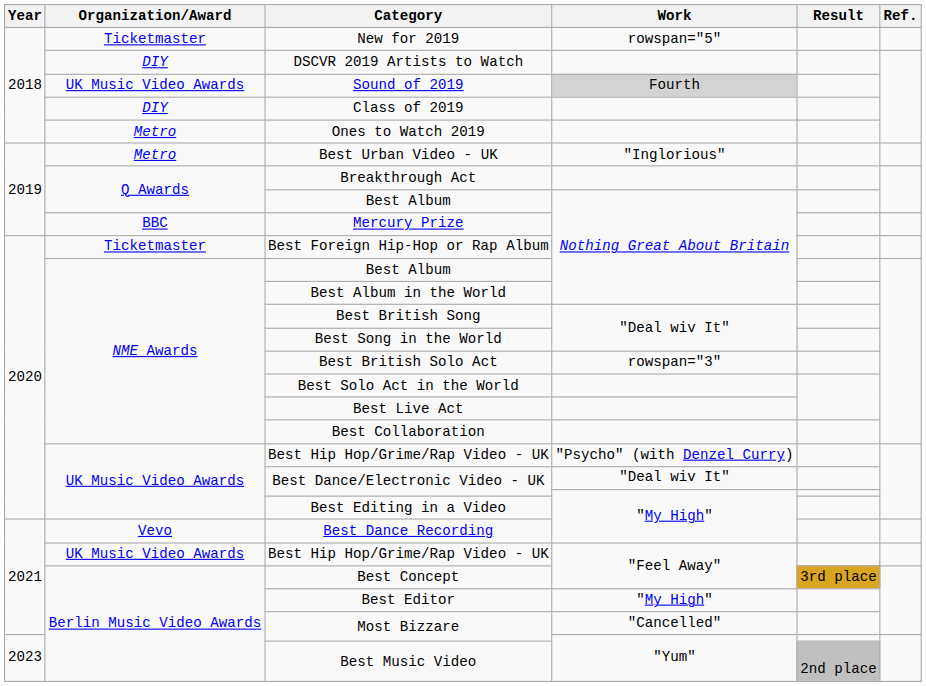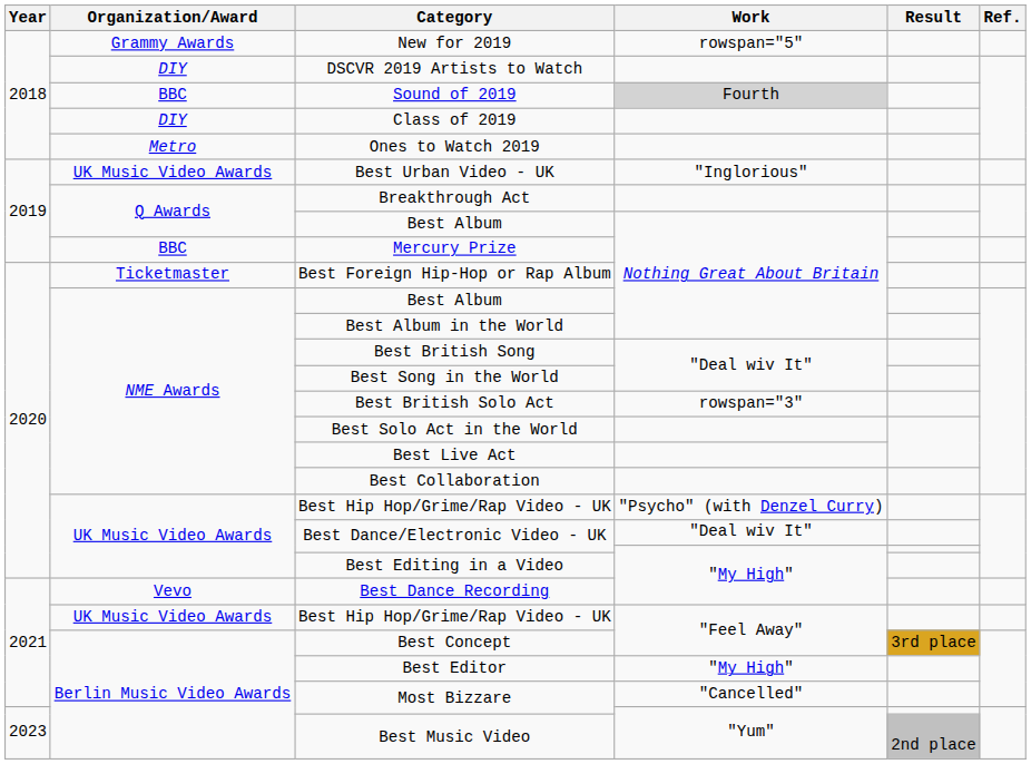 <table class="wikitable plainrowheaders" style="text-align:center;">
 <tr>
 <th>Year</th>
 <th>Organization/Award</th>
 <th>Category</th>
 <th>Work</th>
 <th>Result</th>
 <th>Ref.</th>
 </tr>
 <tr>
 <td rowspan="5">2018</td>
-<td><a href='#'>Ticketmaster</a></td>
+<td><a href='#'>Grammy Awards</a></td>
 <td>New for 2019</td>
 <td>rowspan="5" </td>
 <td></td>
 <td></td>
 </tr>
 <tr>
 <td><em><a href='#'>DIY</a></em></td>
 <td>DSCVR 2019 Artists to Watch</td>
 <td></td>
 <td></td>
 </tr>
 <tr>
-<td><a href='#'>UK Music Video Awards</a></td>
+<td><a href='#'>BBC</a></td>
 <td><a href='#'>Sound of 2019</a></td>
 <td style="background:lightgrey">Fourth</td>
 <td></td>
 </tr>
 <tr>
 <td><em><a href='#'>DIY</a></em></td>
 <td>Class of 2019</td>
 <td></td>
 <td></td>
 </tr>
 <tr>
 <td><em><a href='#'>Metro</a></em></td>
 <td>Ones to Watch 2019</td>
 <td></td>
 <td></td>
 </tr>
 <tr>
 <td rowspan="4">2019</td>
-<td><em><a href='#'>Metro</a></em></td>
+<td rowspan="1"><a href='#'>UK Music Video Awards</a></td>
 <td>Best Urban Video - UK</td>
 <td>"Inglorious" </td>
 <td></td>
 <td rowspan="1"></td>
 </tr>
 <tr>
 <td rowspan="2"><a href='#'>Q Awards</a></td>
 <td>Breakthrough Act</td>
 <td></td>
 <td></td>
 <td rowspan="2"></td>
 </tr>
 <tr>
 <td>Best Album</td>
 <td rowspan="5"><em><a href='#'>Nothing Great About Britain</a></em></td>
 <td></td>
 </tr>
 <tr>
 <td><a href='#'>BBC</a></td>
 <td><a href='#'>Mercury Prize</a></td>
 <td></td>
 <td></td>
 </tr>
 <tr>
 <td rowspan="13">2020</td>
 <td><a href='#'>Ticketmaster</a></td>
 <td>Best Foreign Hip-Hop or Rap Album</td>
 <td></td>
 <td></td>
 </tr>
 <tr>
 <td rowspan="8"><a href='#'><em>NME</em> Awards</a></td>
 <td>Best Album</td>
 <td></td>
 <td rowspan="8"></td>
 </tr>
 <tr>
 <td>Best Album in the World</td>
 <td></td>
 </tr>
 <tr>
 <td>Best British Song</td>
 <td rowspan="2">"Deal wiv It" </td>
 <td></td>
 </tr>
 <tr>
 <td>Best Song in the World</td>
 <td></td>
 </tr>
 <tr>
 <td>Best British Solo Act</td>
 <td>rowspan="3" </td>
 <td></td>
 </tr>
 <tr>
 <td>Best Solo Act in the World</td>
 <td></td>
 </tr>
 <tr>
 <td>Best Live Act</td>
 <td></td>
 </tr>
 <tr>
 <td>Best Collaboration</td>
 <td> </td>
 <td></td>
 </tr>
 <tr>
 <td rowspan="4"><a href='#'>UK Music Video Awards</a></td>
 <td>Best Hip Hop/Grime/Rap Video - UK</td>
 <td>"Psycho" (with <a href='#'>Denzel Curry</a>)</td>
 <td></td>
 <td rowspan="4"></td>
 </tr>
 <tr>
 <td rowspan="2">Best Dance/Electronic Video - UK</td>
 <td>"Deal wiv It" </td>
 <td></td>
 </tr>
 <tr>
 <td rowspan="3">"<a href='#'>My High</a>" </td>
 <td></td>
 </tr>
 <tr>
 <td>Best Editing in a Video</td>
 <td></td>
 </tr>
 <tr>
 <td rowspan="5">2021</td>
 <td><a href='#'>Vevo</a></td>
 <td><a href='#'>Best Dance Recording</a></td>
 <td></td>
 <td></td>
 </tr>
 <tr>
 <td><a href='#'>UK Music Video Awards</a></td>
 <td>Best Hip Hop/Grime/Rap Video - UK</td>
 <td rowspan="2">"Feel Away" </td>
 <td></td>
 <td></td>
 </tr>
 <tr>
 <td rowspan="5"><a href='#'>Berlin Music Video Awards</a></td>
 <td>Best Concept</td>
 <td style="background:goldenrod">3rd place</td>
 <td rowspan="3"></td>
 </tr>
 <tr>
 <td>Best Editor</td>
 <td>"<a href='#'>My High</a>" </td>
 <td></td>
 </tr>
 <tr>
 <td rowspan="2">Most Bizzare</td>
 <td>"Cancelled" </td>
 <td></td>
 </tr>
 <tr>
 <td rowspan="2">2023</td>
 <td rowspan="2">"Yum"</td>
 <td></td>
 <td rowspan="2"></td>
 </tr>
 <tr>
 <td>Best Music Video</td>
 <td style="background:silver"><br>2nd place</td>
 </tr>
 </table>
